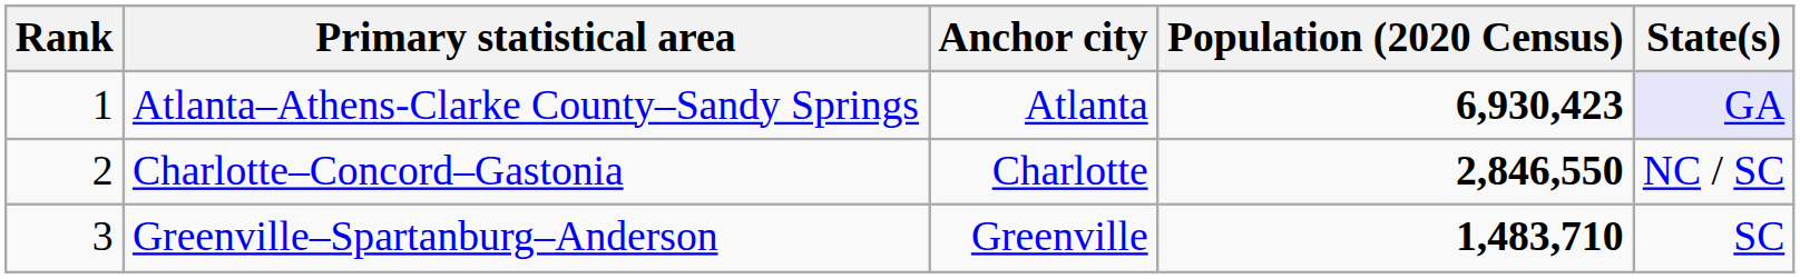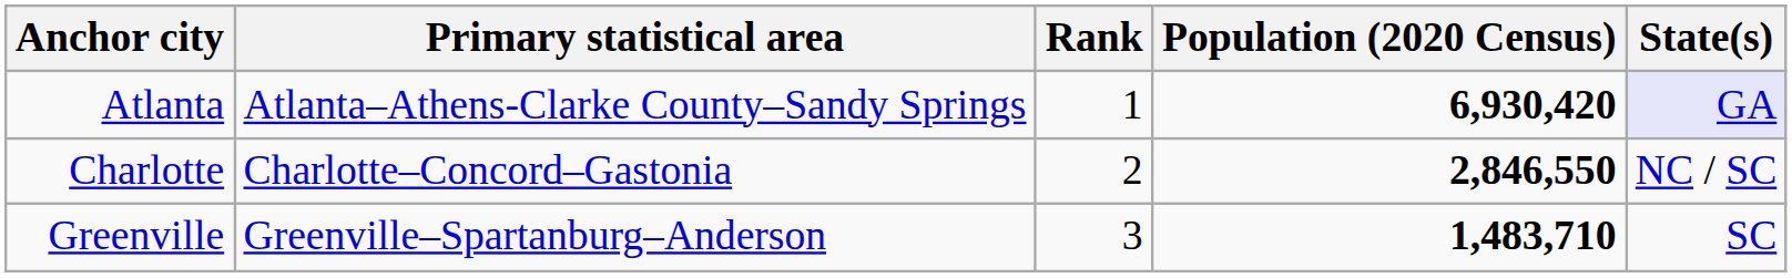 <table class="wikitable" style="text-align:right;left:90px">
 <tr>
+<th>Anchor city</th>
+<th align=center>Primary statistical area</th>
 <th>Rank</th>
-<th align=center>Primary statistical area</th>
-<th>Anchor city</th>
 <th>Population (2020 Census)</th>
 <th>State(s)</th>
 </tr>
 <tr>
+<td><a href='#'>Atlanta</a></td>
+<td align=left><a href='#'>Atlanta–Athens-Clarke County–Sandy Springs</a></td>
 <td>1</td>
-<td align=left><a href='#'>Atlanta–Athens-Clarke County–Sandy Springs</a></td>
-<td><a href='#'>Atlanta</a></td>
-<td><strong>6,930,423</strong></td>
+<td><strong>6,930,420</strong></td>
 <td style="background: lavender;"><a href='#'>GA</a></td>
 </tr>
 <tr>
+<td><a href='#'>Charlotte</a></td>
+<td align=left><a href='#'>Charlotte–Concord–Gastonia</a></td>
 <td>2</td>
-<td align=left><a href='#'>Charlotte–Concord–Gastonia</a></td>
-<td><a href='#'>Charlotte</a></td>
 <td><strong>2,846,550</strong></td>
 <td><a href='#'>NC</a> / <a href='#'>SC</a></td>
 </tr>
 <tr>
+<td><a href='#'>Greenville</a></td>
+<td align=left><a href='#'>Greenville–Spartanburg–Anderson</a></td>
 <td>3</td>
-<td align=left><a href='#'>Greenville–Spartanburg–Anderson</a></td>
-<td><a href='#'>Greenville</a></td>
 <td><strong>1,483,710</strong></td>
 <td><a href='#'>SC</a></td>
 </tr>
 </table>
